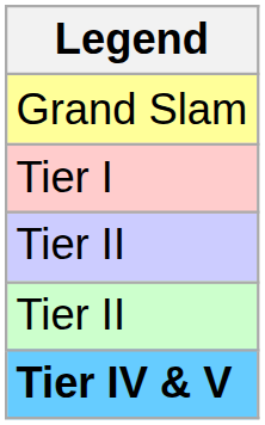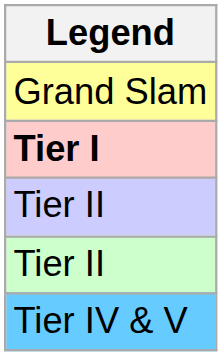 <table class="wikitable sortable mw-collapsible mw-collapsed">
 <tr>
 <th>Legend</th>
 </tr>
 <tr>
 <td align=center colspan=2 bgcolor=#FFFF99>Grand Slam</td>
 </tr>
 <tr>
-<td bgcolor=#ffcccc>Tier I</td>
+<td bgcolor=#ffcccc><strong>Tier I</strong></td>
 </tr>
 <tr>
 <td bgcolor=#ccccff>Tier II</td>
 </tr>
 <tr>
 <td bgcolor=#CCFFCC>Tier II</td>
 </tr>
 <tr>
-<td bgcolor=#66CCFF><strong>Tier IV & V</strong></td>
+<td bgcolor=#66CCFF>Tier IV & V</td>
 </tr>
 </table>
